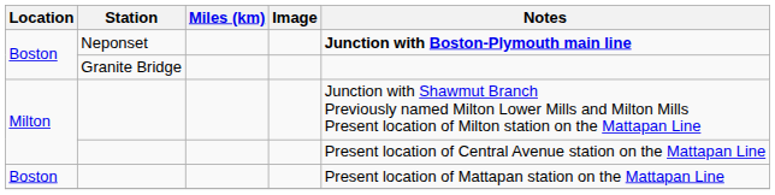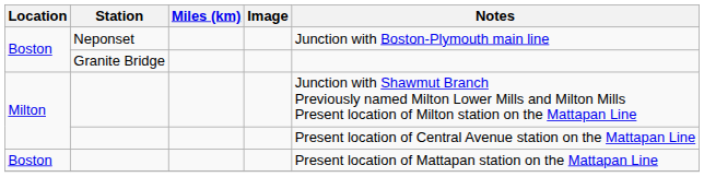 <table class="wikitable">
 <tr>
 <th>Location</th>
 <th>Station</th>
 <th><a href='#'>Miles (km)</a></th>
 <th>Image</th>
 <th>Notes</th>
 </tr>
 <tr>
 <td rowspan=2><a href='#'>Boston</a></td>
 <td>Neponset</td>
 <td></td>
 <td></td>
-<td><strong>Junction with <a href='#'>Boston-Plymouth main line</a></strong></td>
+<td>Junction with <a href='#'>Boston-Plymouth main line</a></td>
 </tr>
 <tr>
 <td>Granite Bridge</td>
 <td></td>
 <td></td>
 <td></td>
 </tr>
 <tr>
 <td rowspan=2><a href='#'>Milton</a></td>
 <td></td>
 <td></td>
 <td></td>
 <td>Junction with <a href='#'>Shawmut Branch</a><br>Previously named Milton Lower Mills and Milton Mills<br>Present location of Milton station on the <a href='#'>Mattapan Line</a></td>
 </tr>
 <tr>
 <td></td>
 <td></td>
 <td></td>
 <td>Present location of Central Avenue station on the <a href='#'>Mattapan Line</a></td>
 </tr>
 <tr>
 <td><a href='#'>Boston</a></td>
 <td></td>
 <td></td>
 <td></td>
 <td>Present location of Mattapan station on the <a href='#'>Mattapan Line</a></td>
 </tr>
 <tr>
 </tr>
 </table>
